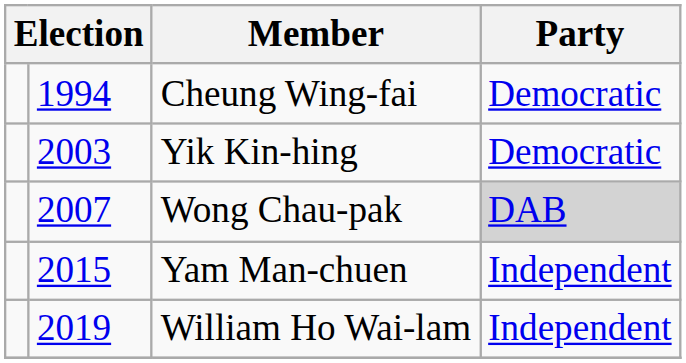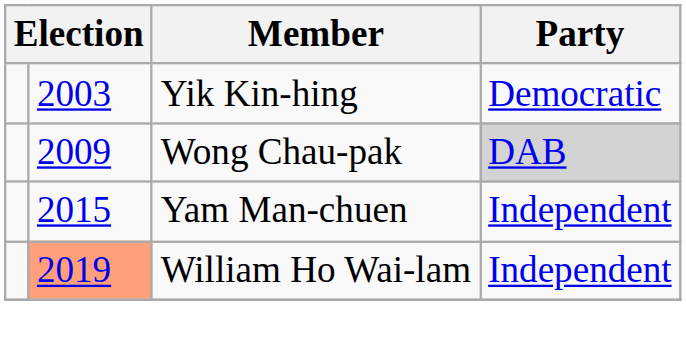 <table class="wikitable">
 <tr>
 <th colspan="2">Election</th>
 <th>Member</th>
 <th>Party</th>
-</tr>
-<tr>
-<td style="color:inherit;background:"></td>
-<td><a href='#'>1994</a></td>
-<td>Cheung Wing-fai</td>
-<td><a href='#'>Democratic</a></td>
 </tr>
 <tr>
 <td style="color:inherit;background:"></td>
 <td><a href='#'>2003</a></td>
 <td>Yik Kin-hing</td>
 <td><a href='#'>Democratic</a></td>
 </tr>
 <tr>
 <td style="color:inherit;background:"></td>
-<td><a href='#'>2007</a></td>
+<td><a href='#'>2009</a></td>
 <td>Wong Chau-pak</td>
 <td style="background: lightgrey;"><a href='#'>DAB</a></td>
 </tr>
 <tr>
 <td style="color:inherit;background:"></td>
 <td><a href='#'>2015</a></td>
 <td>Yam Man-chuen</td>
 <td><a href='#'>Independent</a></td>
 </tr>
 <tr>
 <td style="color:inherit;background:"></td>
-<td><a href='#'>2019</a></td>
+<td style="background: lightsalmon;"><a href='#'>2019</a></td>
 <td>William Ho Wai-lam</td>
 <td><a href='#'>Independent</a></td>
 </tr>
 <tr>
 </tr>
 </table>
